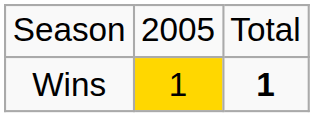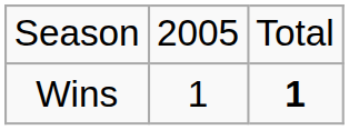 <table class="wikitable">
 <tr>
 <td>Season</td>
 <td>2005</td>
 <td>Total</td>
 </tr>
 <tr align=center>
 <td>Wins</td>
-<td style="background: gold;">1</td>
+<td>1</td>
 <td><strong>1</strong></td>
 </tr>
 </table>
